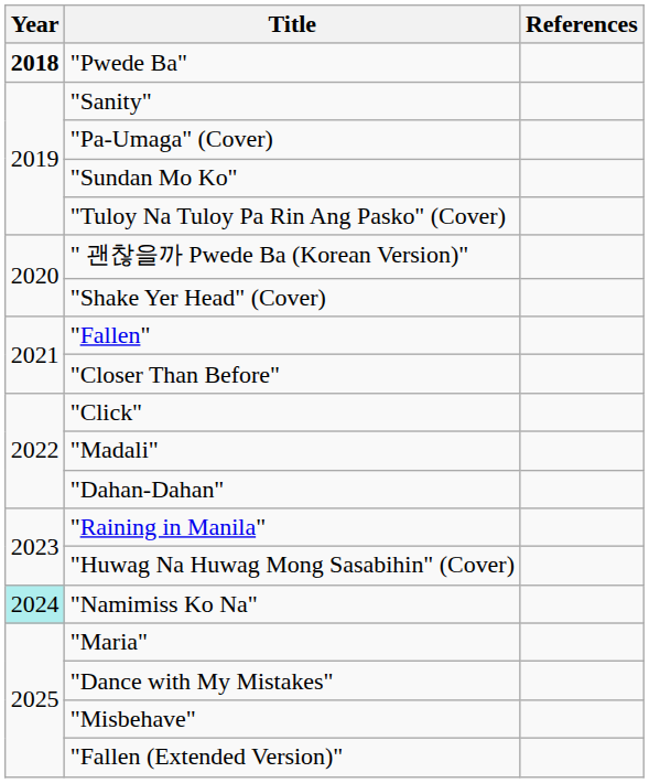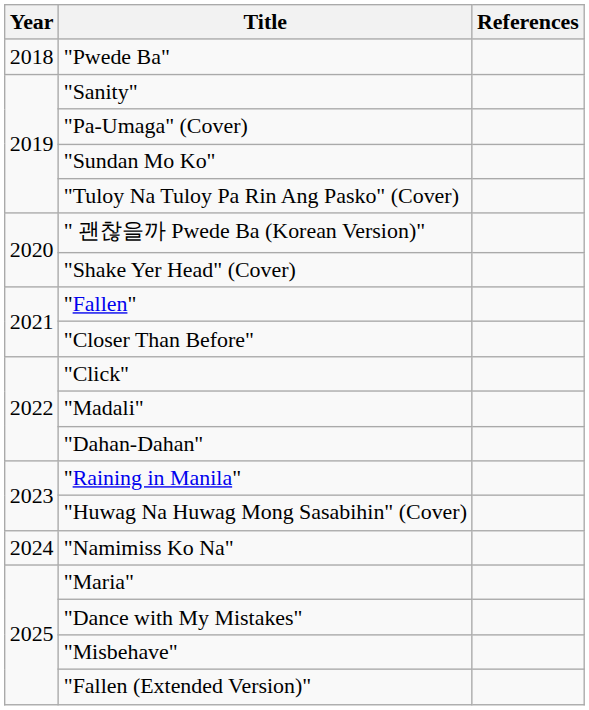 <table class="wikitable sortable">
 <tr>
 <th>Year</th>
 <th>Title</th>
 <th>References</th>
 </tr>
 <tr>
-<td><strong>2018</strong></td>
+<td>2018</td>
 <td>"Pwede Ba"</td>
 <td></td>
 </tr>
 <tr>
 <td rowspan="4">2019</td>
 <td>"Sanity"</td>
 <td></td>
 </tr>
 <tr>
 <td>"Pa-Umaga" (Cover) </td>
 <td></td>
 </tr>
 <tr>
 <td>"Sundan Mo Ko" </td>
 <td></td>
 </tr>
 <tr>
 <td>"Tuloy Na Tuloy Pa Rin Ang Pasko" (Cover) </td>
 <td></td>
 </tr>
 <tr>
 <td rowspan="2">2020</td>
 <td>" 괜찮을까 Pwede Ba (Korean Version)"</td>
 <td></td>
 </tr>
 <tr>
 <td>"Shake Yer Head" (Cover)</td>
 <td></td>
 </tr>
 <tr>
 <td rowspan="2">2021</td>
 <td>"<a href='#'>Fallen</a>"</td>
 <td></td>
 </tr>
 <tr>
 <td>"Closer Than Before" </td>
 <td></td>
 </tr>
 <tr>
 <td rowspan="3">2022</td>
 <td>"Click" </td>
 <td></td>
 </tr>
 <tr>
 <td>"Madali" </td>
 <td></td>
 </tr>
 <tr>
 <td>"Dahan-Dahan"</td>
 <td></td>
 </tr>
 <tr>
 <td rowspan="2">2023</td>
 <td>"<a href='#'>Raining in Manila</a>"</td>
 <td></td>
 </tr>
 <tr>
 <td>"Huwag Na Huwag Mong Sasabihin" (Cover)</td>
 <td></td>
 </tr>
 <tr>
-<td style="background: paleturquoise;">2024</td>
+<td>2024</td>
 <td>"Namimiss Ko Na"</td>
 <td></td>
 </tr>
 <tr>
 <td rowspan="4">2025</td>
 <td>"Maria" </td>
 <td></td>
 </tr>
 <tr>
 <td>"Dance with My Mistakes"</td>
 <td></td>
 </tr>
 <tr>
 <td>"Misbehave"</td>
 <td></td>
 </tr>
 <tr>
 <td>"Fallen (Extended Version)"</td>
 <td></td>
 </tr>
 </table>
